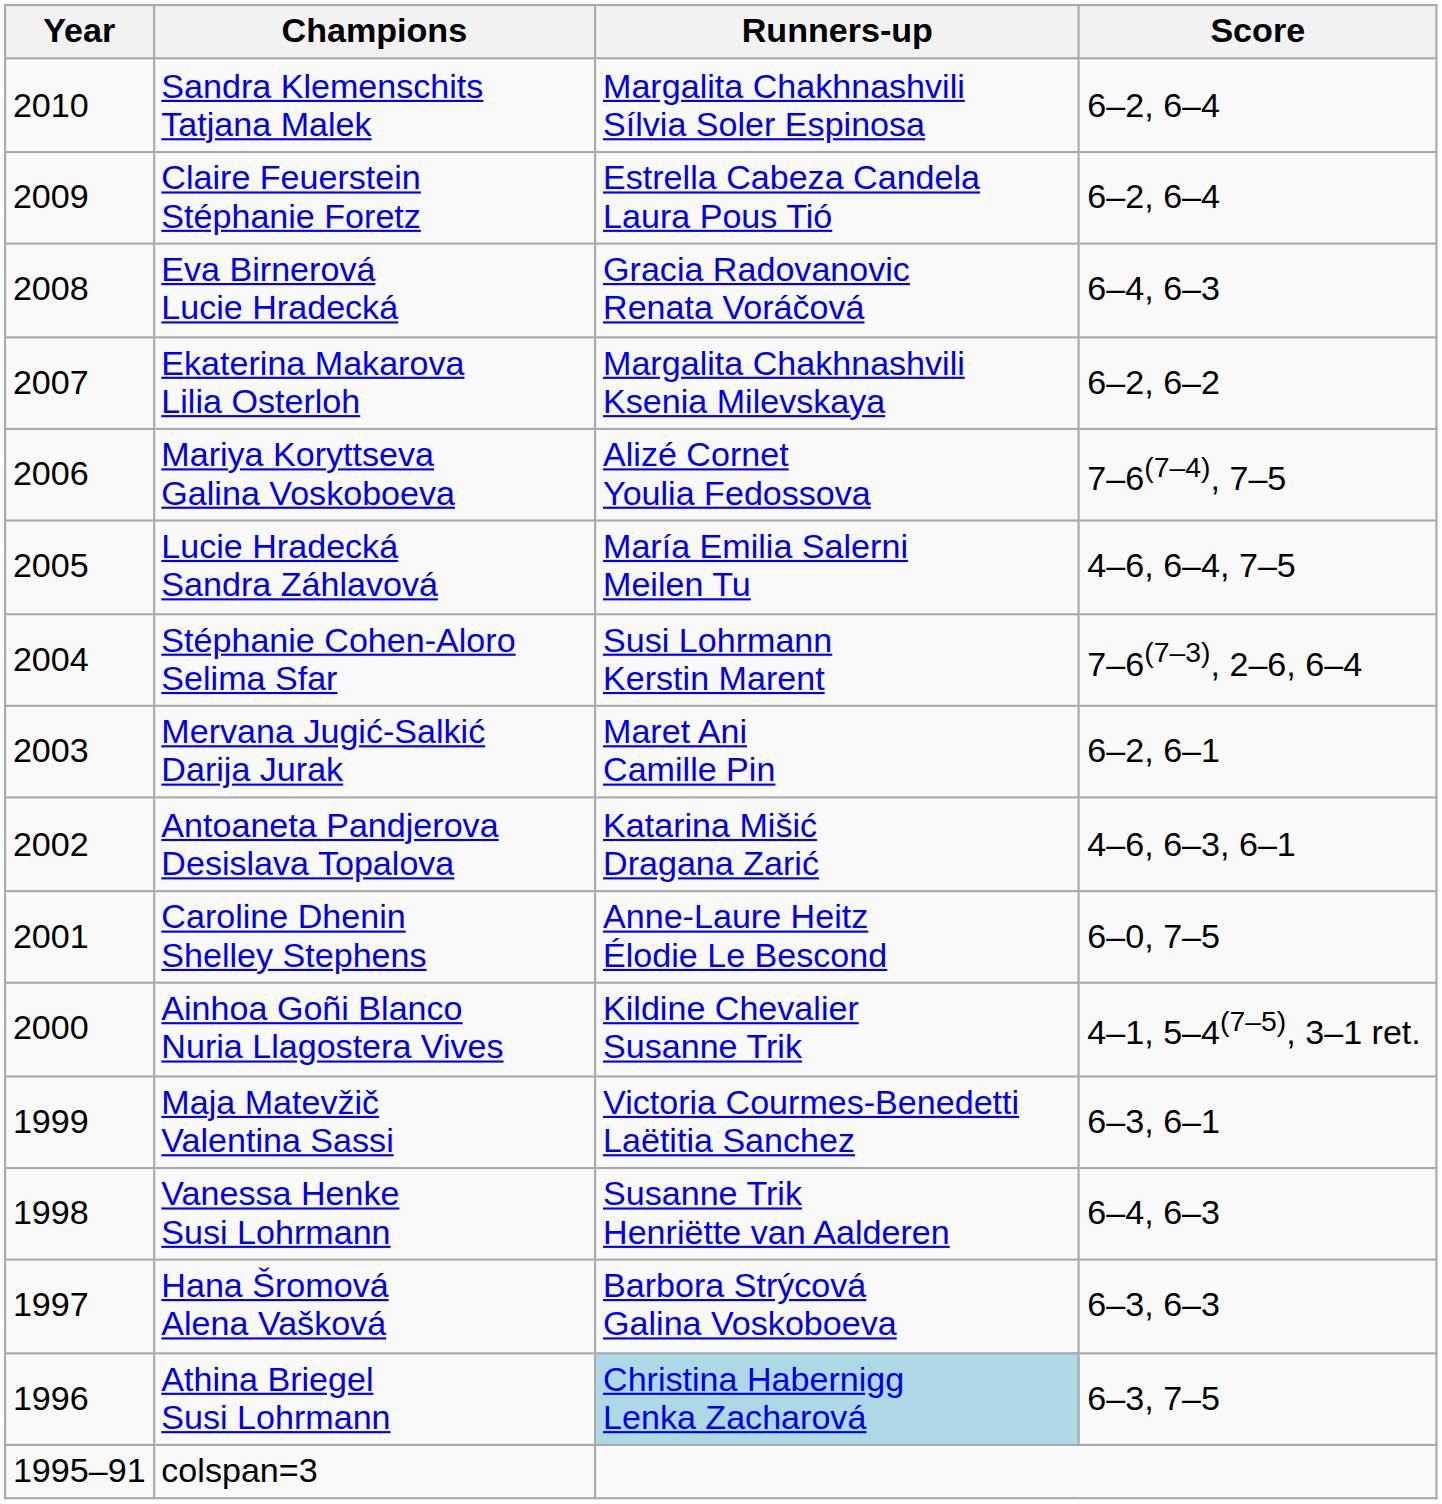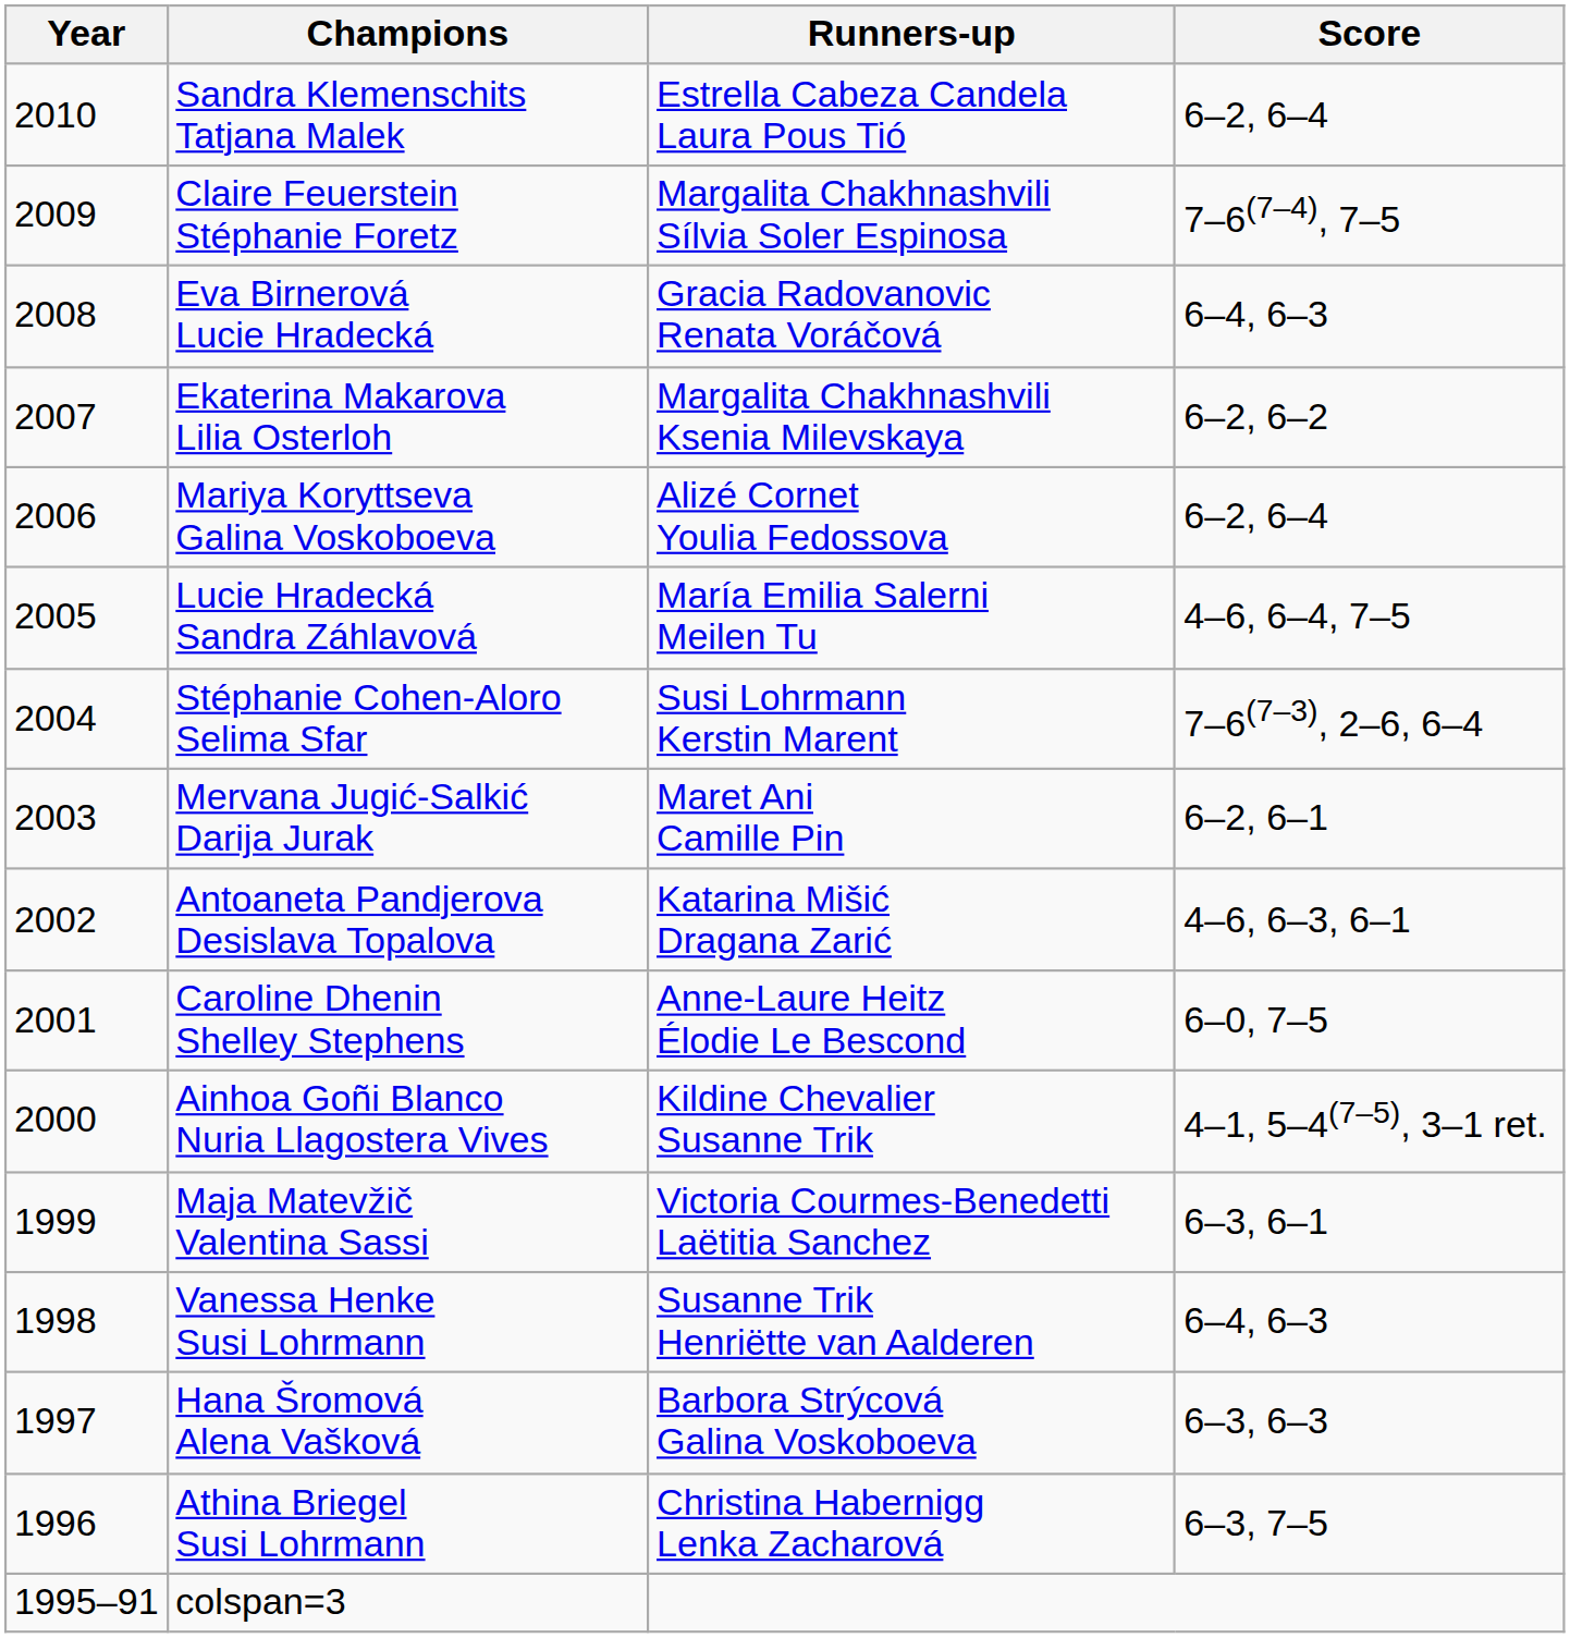 <table class="wikitable">
 <tr>
 <th>Year</th>
 <th width="200">Champions</th>
 <th width="220">Runners-up</th>
 <th width="160">Score</th>
 </tr>
 <tr>
 <td>2010</td>
 <td> <a href='#'>Sandra Klemenschits</a> <br>  <a href='#'>Tatjana Malek</a></td>
-<td> <a href='#'>Margalita Chakhnashvili</a> <br>  <a href='#'>Sílvia Soler Espinosa</a></td>
+<td> <a href='#'>Estrella Cabeza Candela</a> <br>  <a href='#'>Laura Pous Tió</a></td>
 <td>6–2, 6–4</td>
 </tr>
 <tr>
 <td>2009</td>
 <td> <a href='#'>Claire Feuerstein</a> <br>  <a href='#'>Stéphanie Foretz</a></td>
-<td> <a href='#'>Estrella Cabeza Candela</a> <br>  <a href='#'>Laura Pous Tió</a></td>
-<td>6–2, 6–4</td>
+<td> <a href='#'>Margalita Chakhnashvili</a> <br>  <a href='#'>Sílvia Soler Espinosa</a></td>
+<td>7–6<sup>(7–4)</sup>, 7–5</td>
 </tr>
 <tr>
 <td>2008</td>
 <td> <a href='#'>Eva Birnerová</a> <br>  <a href='#'>Lucie Hradecká</a></td>
 <td> <a href='#'>Gracia Radovanovic</a> <br>  <a href='#'>Renata Voráčová</a></td>
 <td>6–4, 6–3</td>
 </tr>
 <tr>
 <td>2007</td>
 <td> <a href='#'>Ekaterina Makarova</a> <br>  <a href='#'>Lilia Osterloh</a></td>
 <td> <a href='#'>Margalita Chakhnashvili</a> <br>  <a href='#'>Ksenia Milevskaya</a></td>
 <td>6–2, 6–2</td>
 </tr>
 <tr>
 <td>2006</td>
 <td> <a href='#'>Mariya Koryttseva</a> <br>  <a href='#'>Galina Voskoboeva</a></td>
 <td> <a href='#'>Alizé Cornet</a> <br>  <a href='#'>Youlia Fedossova</a></td>
-<td>7–6<sup>(7–4)</sup>, 7–5</td>
+<td>6–2, 6–4</td>
 </tr>
 <tr>
 <td>2005</td>
 <td> <a href='#'>Lucie Hradecká</a> <br>  <a href='#'>Sandra Záhlavová</a></td>
 <td> <a href='#'>María Emilia Salerni</a> <br>  <a href='#'>Meilen Tu</a></td>
 <td>4–6, 6–4, 7–5</td>
 </tr>
 <tr>
 <td>2004</td>
 <td> <a href='#'>Stéphanie Cohen-Aloro</a> <br>  <a href='#'>Selima Sfar</a></td>
 <td> <a href='#'>Susi Lohrmann</a> <br>  <a href='#'>Kerstin Marent</a></td>
 <td>7–6<sup>(7–3)</sup>, 2–6, 6–4</td>
 </tr>
 <tr>
 <td>2003</td>
 <td> <a href='#'>Mervana Jugić-Salkić</a> <br>  <a href='#'>Darija Jurak</a></td>
 <td> <a href='#'>Maret Ani</a> <br>  <a href='#'>Camille Pin</a></td>
 <td>6–2, 6–1</td>
 </tr>
 <tr>
 <td>2002</td>
 <td> <a href='#'>Antoaneta Pandjerova</a> <br>  <a href='#'>Desislava Topalova</a></td>
 <td> <a href='#'>Katarina Mišić</a> <br>  <a href='#'>Dragana Zarić</a></td>
 <td>4–6, 6–3, 6–1</td>
 </tr>
 <tr>
 <td>2001</td>
 <td> <a href='#'>Caroline Dhenin</a> <br>  <a href='#'>Shelley Stephens</a></td>
 <td> <a href='#'>Anne-Laure Heitz</a> <br>  <a href='#'>Élodie Le Bescond</a></td>
 <td>6–0, 7–5</td>
 </tr>
 <tr>
 <td>2000</td>
 <td> <a href='#'>Ainhoa Goñi Blanco</a> <br>  <a href='#'>Nuria Llagostera Vives</a></td>
 <td> <a href='#'>Kildine Chevalier</a> <br>  <a href='#'>Susanne Trik</a></td>
 <td>4–1, 5–4<sup>(7–5)</sup>, 3–1 ret.</td>
 </tr>
 <tr>
 <td>1999</td>
 <td> <a href='#'>Maja Matevžič</a> <br>  <a href='#'>Valentina Sassi</a></td>
 <td> <a href='#'>Victoria Courmes-Benedetti</a> <br>  <a href='#'>Laëtitia Sanchez</a></td>
 <td>6–3, 6–1</td>
 </tr>
 <tr>
 <td>1998</td>
 <td> <a href='#'>Vanessa Henke</a> <br>  <a href='#'>Susi Lohrmann</a></td>
 <td> <a href='#'>Susanne Trik</a> <br>  <a href='#'>Henriëtte van Aalderen</a></td>
 <td>6–4, 6–3</td>
 </tr>
 <tr>
 <td>1997</td>
 <td> <a href='#'>Hana Šromová</a> <br>  <a href='#'>Alena Vašková</a></td>
 <td> <a href='#'>Barbora Strýcová</a> <br>  <a href='#'>Galina Voskoboeva</a></td>
 <td>6–3, 6–3</td>
 </tr>
 <tr>
 <td>1996</td>
 <td> <a href='#'>Athina Briegel</a> <br>  <a href='#'>Susi Lohrmann</a></td>
-<td style="background: lightblue;"> <a href='#'>Christina Habernigg</a> <br>  <a href='#'>Lenka Zacharová</a></td>
+<td> <a href='#'>Christina Habernigg</a> <br>  <a href='#'>Lenka Zacharová</a></td>
 <td>6–3, 7–5</td>
 </tr>
 <tr>
 <td>1995–91</td>
 <td>colspan=3 </td>
 </tr>
 </table>
